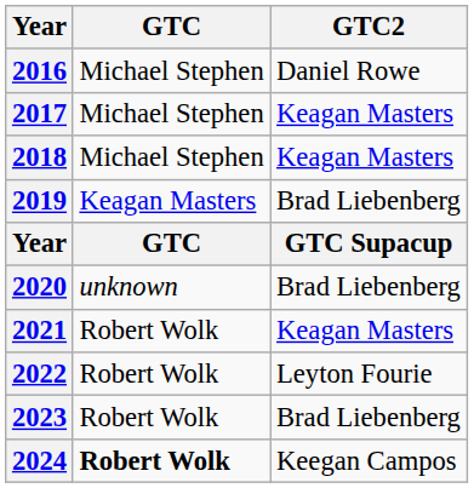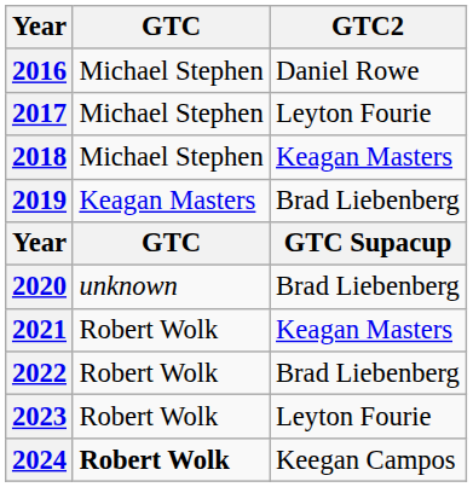 <table class="wikitable" style="font-size:100%">
 <tr>
 <th>Year</th>
 <th>GTC</th>
 <th>GTC2</th>
 </tr>
 <tr>
 <th><a href='#'>2016</a></th>
 <td> Michael Stephen</td>
 <td> Daniel Rowe</td>
 </tr>
 <tr>
 <th><a href='#'>2017</a></th>
 <td> Michael Stephen</td>
-<td> <a href='#'>Keagan Masters</a></td>
+<td> Leyton Fourie</td>
 </tr>
 <tr>
 <th><a href='#'>2018</a></th>
 <td> Michael Stephen</td>
 <td> <a href='#'>Keagan Masters</a></td>
 </tr>
 <tr>
 <th><a href='#'>2019</a></th>
 <td> <a href='#'>Keagan Masters</a></td>
 <td> Brad Liebenberg</td>
 </tr>
 <tr>
 <th>Year</th>
 <th>GTC</th>
 <th>GTC Supacup</th>
 </tr>
 <tr>
 <th><a href='#'>2020</a></th>
 <td><em>unknown</em></td>
 <td> Brad Liebenberg</td>
 </tr>
 <tr>
 <th><a href='#'>2021</a></th>
 <td> Robert Wolk</td>
 <td> <a href='#'>Keagan Masters</a></td>
 </tr>
 <tr>
 <th><a href='#'>2022</a></th>
 <td> Robert Wolk</td>
-<td> Leyton Fourie</td>
+<td> Brad Liebenberg</td>
 </tr>
 <tr>
 <th><a href='#'>2023</a></th>
 <td> Robert Wolk</td>
-<td> Brad Liebenberg</td>
+<td> Leyton Fourie</td>
 </tr>
 <tr>
 <th><a href='#'>2024</a></th>
 <td><strong> Robert Wolk</strong></td>
 <td> Keegan Campos</td>
 </tr>
 </table>
